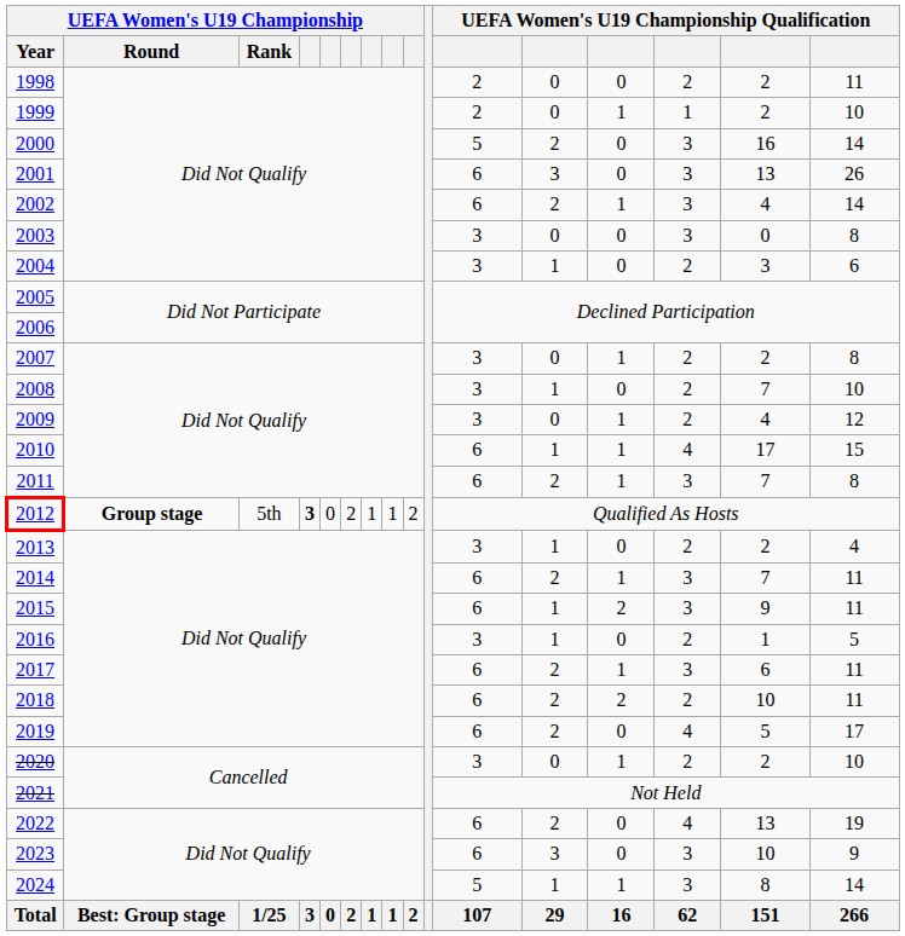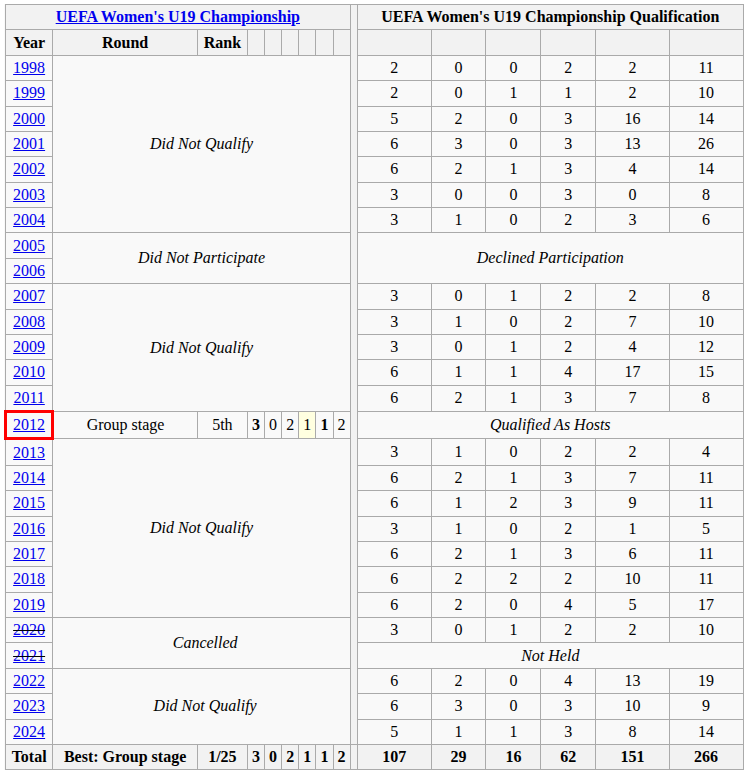 <table class="wikitable" style="text-align: center;">
 <tr>
 <th colspan=9><a href='#'>UEFA Women's U19 Championship</a></th>
 <th width=1% rowspan=29></th>
 <th colspan=6>UEFA Women's U19 Championship Qualification</th>
 </tr>
 <tr>
 <th>Year</th>
 <th>Round</th>
 <th>Rank</th>
 <th></th>
 <th></th>
 <th></th>
 <th></th>
 <th></th>
 <th></th>
 <th></th>
 <th></th>
 <th></th>
 <th></th>
 <th></th>
 <th></th>
 </tr>
 <tr>
 <td>  <a href='#'>1998</a></td>
 <td colspan=8 rowspan=7><em>Did Not Qualify</em></td>
 <td>2</td>
 <td>0</td>
 <td>0</td>
 <td>2</td>
 <td>2</td>
 <td>11</td>
 </tr>
 <tr>
 <td> <a href='#'>1999</a></td>
 <td>2</td>
 <td>0</td>
 <td>1</td>
 <td>1</td>
 <td>2</td>
 <td>10</td>
 </tr>
 <tr>
 <td> <a href='#'>2000</a></td>
 <td>5</td>
 <td>2</td>
 <td>0</td>
 <td>3</td>
 <td>16</td>
 <td>14</td>
 </tr>
 <tr>
 <td> <a href='#'>2001</a></td>
 <td>6</td>
 <td>3</td>
 <td>0</td>
 <td>3</td>
 <td>13</td>
 <td>26</td>
 </tr>
 <tr>
 <td> <a href='#'>2002</a></td>
 <td>6</td>
 <td>2</td>
 <td>1</td>
 <td>3</td>
 <td>4</td>
 <td>14</td>
 </tr>
 <tr>
 <td> <a href='#'>2003</a></td>
 <td>3</td>
 <td>0</td>
 <td>0</td>
 <td>3</td>
 <td>0</td>
 <td>8</td>
 </tr>
 <tr>
 <td> <a href='#'>2004</a></td>
 <td>3</td>
 <td>1</td>
 <td>0</td>
 <td>2</td>
 <td>3</td>
 <td>6</td>
 </tr>
 <tr>
 <td> <a href='#'>2005</a></td>
 <td colspan=8 rowspan=2><em>Did Not Participate</em></td>
 <td colspan=6 rowspan=2><em>Declined Participation</em></td>
 </tr>
 <tr>
 <td> <a href='#'>2006</a></td>
 </tr>
 <tr>
 <td> <a href='#'>2007</a></td>
 <td colspan=8 rowspan=5><em>Did Not Qualify</em></td>
 <td>3</td>
 <td>0</td>
 <td>1</td>
 <td>2</td>
 <td>2</td>
 <td>8</td>
 </tr>
 <tr>
 <td> <a href='#'>2008</a></td>
 <td>3</td>
 <td>1</td>
 <td>0</td>
 <td>2</td>
 <td>7</td>
 <td>10</td>
 </tr>
 <tr>
 <td> <a href='#'>2009</a></td>
 <td>3</td>
 <td>0</td>
 <td>1</td>
 <td>2</td>
 <td>4</td>
 <td>12</td>
 </tr>
 <tr>
 <td> <a href='#'>2010</a></td>
 <td>6</td>
 <td>1</td>
 <td>1</td>
 <td>4</td>
 <td>17</td>
 <td>15</td>
 </tr>
 <tr>
 <td> <a href='#'>2011</a></td>
 <td>6</td>
 <td>2</td>
 <td>1</td>
 <td>3</td>
 <td>7</td>
 <td>8</td>
 </tr>
 <tr>
 <td style="border: 3px solid red"> <a href='#'>2012</a></td>
-<td><strong>Group stage</strong></td>
+<td>Group stage</td>
 <td>5th</td>
 <td><strong>3</strong></td>
 <td>0</td>
 <td>2</td>
-<td>1</td>
-<td>1</td>
+<td style="background: lightyellow;">1</td>
+<td><strong>1</strong></td>
 <td>2</td>
 <td colspan=6><em>Qualified As Hosts</em></td>
 </tr>
 <tr>
 <td> <a href='#'>2013</a></td>
 <td colspan=8 rowspan=7><em>Did Not Qualify</em></td>
 <td>3</td>
 <td>1</td>
 <td>0</td>
 <td>2</td>
 <td>2</td>
 <td>4</td>
 </tr>
 <tr>
 <td> <a href='#'>2014</a></td>
 <td>6</td>
 <td>2</td>
 <td>1</td>
 <td>3</td>
 <td>7</td>
 <td>11</td>
 </tr>
 <tr>
 <td> <a href='#'>2015</a></td>
 <td>6</td>
 <td>1</td>
 <td>2</td>
 <td>3</td>
 <td>9</td>
 <td>11</td>
 </tr>
 <tr>
 <td> <a href='#'>2016</a></td>
 <td>3</td>
 <td>1</td>
 <td>0</td>
 <td>2</td>
 <td>1</td>
 <td>5</td>
 </tr>
 <tr>
 <td> <a href='#'>2017</a></td>
 <td>6</td>
 <td>2</td>
 <td>1</td>
 <td>3</td>
 <td>6</td>
 <td>11</td>
 </tr>
 <tr>
 <td> <a href='#'>2018</a></td>
 <td>6</td>
 <td>2</td>
 <td>2</td>
 <td>2</td>
 <td>10</td>
 <td>11</td>
 </tr>
 <tr>
 <td> <a href='#'>2019</a></td>
 <td>6</td>
 <td>2</td>
 <td>0</td>
 <td>4</td>
 <td>5</td>
 <td>17</td>
 </tr>
 <tr>
 <td> <s><a href='#'>2020</a></s></td>
 <td rowspan=2 colspan=9><em>Cancelled</em></td>
 <td>3</td>
 <td>0</td>
 <td>1</td>
 <td>2</td>
 <td>2</td>
 <td>10</td>
 </tr>
 <tr>
 <td> <s><a href='#'>2021</a></s></td>
 <td colspan=6><em>Not Held</em></td>
 </tr>
 <tr>
 <td> <a href='#'>2022</a></td>
 <td rowspan=3 colspan=9><em>Did Not Qualify</em></td>
 <td>6</td>
 <td>2</td>
 <td>0</td>
 <td>4</td>
 <td>13</td>
 <td>19</td>
 </tr>
 <tr>
 <td> <a href='#'>2023</a></td>
 <td>6</td>
 <td>3</td>
 <td>0</td>
 <td>3</td>
 <td>10</td>
 <td>9</td>
 </tr>
 <tr>
 <td> <a href='#'>2024</a></td>
 <td>5</td>
 <td>1</td>
 <td>1</td>
 <td>3</td>
 <td>8</td>
 <td>14</td>
 </tr>
 <tr>
 <th>Total</th>
 <th>Best: Group stage</th>
 <th>1/25</th>
 <th>3</th>
 <th>0</th>
 <th>2</th>
 <th>1</th>
 <th>1</th>
 <th>2</th>
 <th></th>
 <th>107</th>
 <th>29</th>
 <th>16</th>
 <th>62</th>
 <th>151</th>
 <th>266</th>
 </tr>
 </table>
